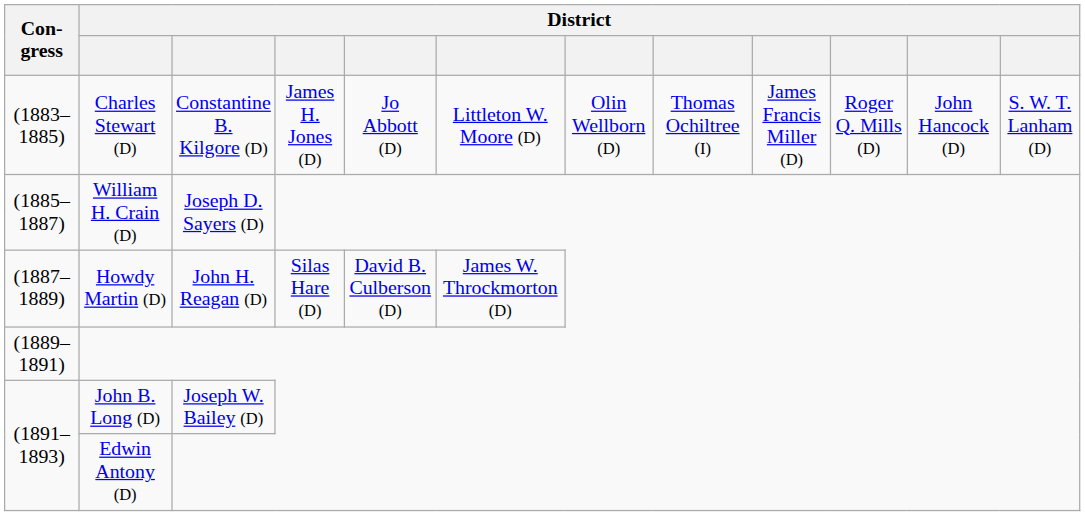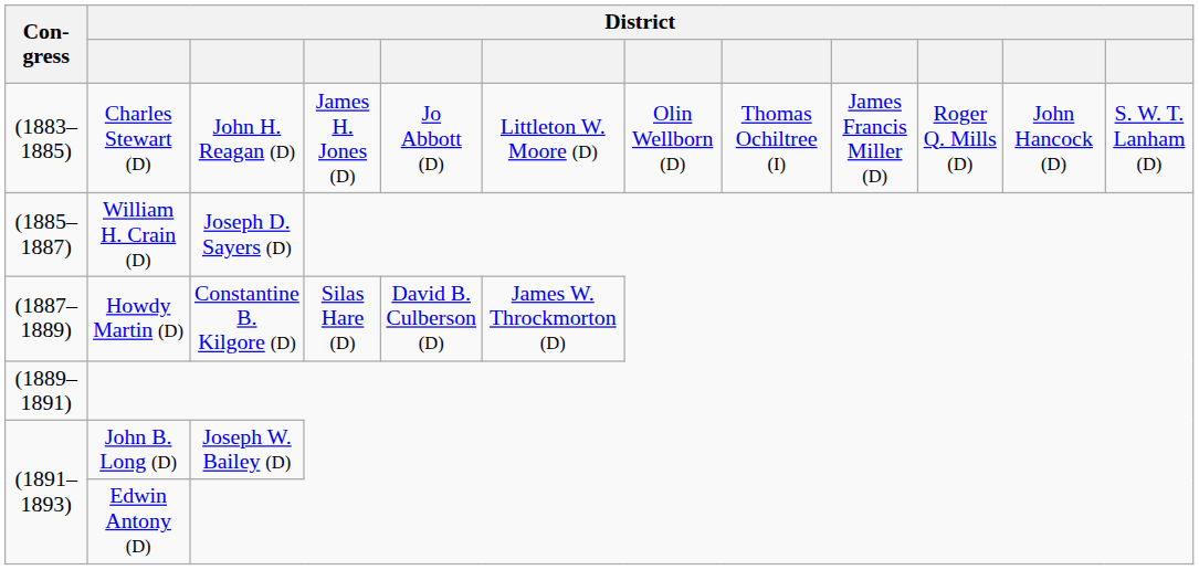 <table class=wikitable style="text-align:center">
 <tr>
 <th rowspan=2>Con­gress</th>
 <th colspan=11>District</th>
 </tr>
 <tr style="height:2em">
 <th></th>
 <th></th>
 <th></th>
 <th></th>
 <th></th>
 <th></th>
 <th></th>
 <th></th>
 <th></th>
 <th></th>
 <th></th>
 </tr>
 <tr style="height:2.5em">
 <td><strong></strong> (1883–1885)</td>
 <td><a href='#'>Charles<br>Stewart</a><br><small>(D)</small></td>
-<td><a href='#'>Constantine<br>B.<br>Kilgore</a> <small>(D)</small></td>
+<td><a href='#'>John H.<br>Reagan</a> <small>(D)</small></td>
 <td><a href='#'>James H.<br>Jones</a> <small>(D)</small></td>
 <td><a href='#'>Jo<br>Abbott</a> <small>(D)</small></td>
 <td><a href='#'>Littleton W.<br>Moore</a> <small>(D)</small></td>
 <td><a href='#'>Olin<br>Wellborn</a> <small>(D)</small></td>
 <td><a href='#'>Thomas Ochiltree</a> <small>(I)</small></td>
 <td><a href='#'>James Francis<br>Miller</a> <small>(D)</small></td>
 <td><a href='#'>Roger Q. Mills</a> <small>(D)</small></td>
 <td><a href='#'>John Hancock</a> <small>(D)</small></td>
 <td><a href='#'>S. W. T.<br>Lanham</a> <small>(D)</small></td>
 </tr>
 <tr style="height:2.5em">
 <td><strong></strong> (1885–1887)</td>
 <td><a href='#'>William H. Crain</a> <small>(D)</small></td>
 <td><a href='#'>Joseph D.<br>Sayers</a> <small>(D)</small></td>
 </tr>
 <tr style="height:2.5em">
 <td><strong></strong> (1887–1889)</td>
 <td><a href='#'>Howdy<br>Martin</a> <small>(D)</small></td>
-<td><a href='#'>John H.<br>Reagan</a> <small>(D)</small></td>
+<td><a href='#'>Constantine<br>B.<br>Kilgore</a> <small>(D)</small></td>
 <td><a href='#'>Silas Hare</a> <small>(D)</small></td>
 <td><a href='#'>David B.<br>Culberson</a><br><small>(D)</small></td>
 <td><a href='#'>James W.<br>Throckmorton</a> <small>(D)</small></td>
 </tr>
 <tr style="height:2.5em">
 <td><strong></strong> (1889–1891)</td>
 </tr>
 <tr style="height:2em">
 <td rowspan=2><strong></strong> (1891–1893)</td>
 <td><a href='#'>John B. Long</a> <small>(D)</small></td>
 <td><a href='#'>Joseph W.<br>Bailey</a> <small>(D)</small></td>
 </tr>
 <tr style="height:2em">
 <td><a href='#'>Edwin Antony</a> <small>(D)</small></td>
 </tr>
 </table>
